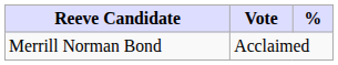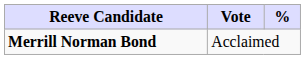 <table class="wikitable">
 <tr>
 <th style="background:#ddf; width:200px;">Reeve Candidate </th>
 <th style="background:#ddf; width:50px;">Vote</th>
 <th style="background:#ddf; width:30px;">%</th>
 </tr>
 <tr>
-<td>Merrill Norman Bond</td>
+<td><strong>Merrill Norman Bond</strong></td>
 <td colspan="2">Acclaimed</td>
 </tr>
 </table>
